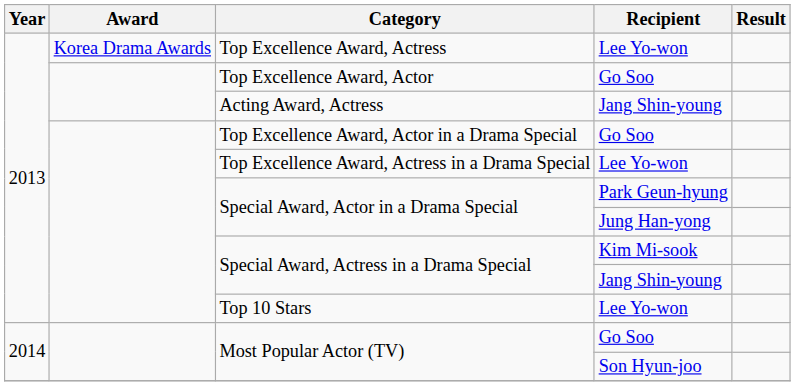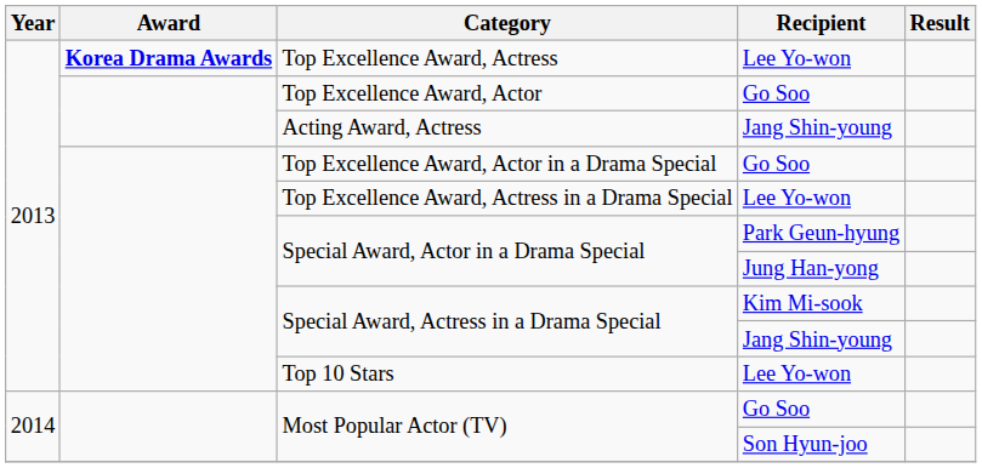 <table class="wikitable">
 <tr>
 <th>Year</th>
 <th>Award</th>
 <th>Category</th>
 <th>Recipient</th>
 <th>Result</th>
 </tr>
 <tr>
 <td rowspan=10>2013</td>
-<td><a href='#'>Korea Drama Awards</a></td>
+<td><strong><a href='#'>Korea Drama Awards</a></strong></td>
 <td>Top Excellence Award, Actress</td>
 <td><a href='#'>Lee Yo-won</a></td>
 <td></td>
 </tr>
 <tr>
 <td rowspan=2></td>
 <td>Top Excellence Award, Actor</td>
 <td><a href='#'>Go Soo</a></td>
 <td></td>
 </tr>
 <tr>
 <td>Acting Award, Actress</td>
 <td><a href='#'>Jang Shin-young</a></td>
 <td></td>
 </tr>
 <tr>
 <td rowspan=7></td>
 <td>Top Excellence Award, Actor in a Drama Special</td>
 <td><a href='#'>Go Soo</a></td>
 <td></td>
 </tr>
 <tr>
 <td>Top Excellence Award, Actress in a Drama Special</td>
 <td><a href='#'>Lee Yo-won</a></td>
 <td></td>
 </tr>
 <tr>
 <td rowspan=2>Special Award, Actor in a Drama Special</td>
 <td><a href='#'>Park Geun-hyung</a></td>
 <td></td>
 </tr>
 <tr>
 <td><a href='#'>Jung Han-yong</a></td>
 <td></td>
 </tr>
 <tr>
 <td rowspan=2>Special Award, Actress in a Drama Special</td>
 <td><a href='#'>Kim Mi-sook</a></td>
 <td></td>
 </tr>
 <tr>
 <td><a href='#'>Jang Shin-young</a></td>
 <td></td>
 </tr>
 <tr>
 <td>Top 10 Stars</td>
 <td><a href='#'>Lee Yo-won</a></td>
 <td></td>
 </tr>
 <tr>
 <td rowspan=2>2014</td>
 <td rowspan=2></td>
 <td rowspan=2>Most Popular Actor (TV)</td>
 <td><a href='#'>Go Soo</a></td>
 <td></td>
 </tr>
 <tr>
 <td><a href='#'>Son Hyun-joo</a></td>
 <td></td>
 </tr>
 <tr>
 </tr>
 </table>
